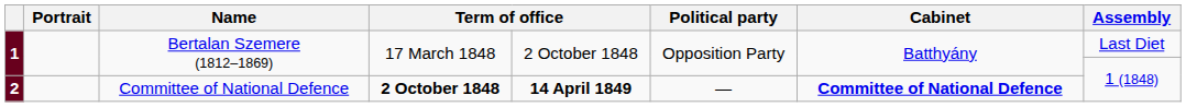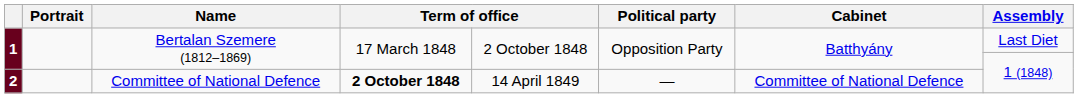 <table class="wikitable" style="width:90%; text-align:center;">
 <tr>
 <th></th>
 <th>Portrait</th>
 <th>Name<br></th>
 <th colspan=2>Term of office</th>
 <th>Political party</th>
 <th>Cabinet</th>
 <th><a href='#'>Assembly</a><br></th>
 </tr>
 <tr>
 <th rowspan="2" style="background:#68001d; color:white;">1</th>
 <td rowspan="2"></td>
 <td rowspan="2"><a href='#'>Bertalan Szemere</a><br><small>(1812–1869)</small></td>
 <td rowspan="2">17 March 1848</td>
 <td rowspan="2">2 October 1848</td>
 <td rowspan="2">Opposition Party</td>
 <td rowspan="2"><a href='#'>Batthyány</a></td>
 <td><a href='#'>Last Diet</a></td>
 </tr>
 <tr>
 <td rowspan="2"><a href='#'>1 <small>(1848)</small></a></td>
 </tr>
 <tr>
 <th style="background:#68001d; color:white;">2</th>
 <td><br></td>
 <td><a href='#'>Committee of National Defence</a></td>
 <td><strong>2 October 1848</strong></td>
-<td><strong>14 April 1849</strong></td>
+<td>14 April 1849</td>
 <td>—</td>
-<td><strong><a href='#'>Committee of National Defence</a></strong></td>
+<td><a href='#'>Committee of National Defence</a></td>
 </tr>
 </table>
